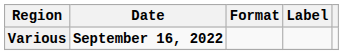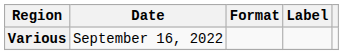 <table class="wikitable plainrowheaders">
 <tr>
 <th scope="col">Region</th>
 <th scope="col">Date</th>
 <th scope="col">Format</th>
 <th scope="col">Label</th>
 <th scope="col"></th>
 </tr>
 <tr>
 <th scope="row">Various</th>
-<td><strong>September 16, 2022</strong></td>
+<td>September 16, 2022</td>
 <td></td>
 <td></td>
 <td style="text-align:center"></td>
 </tr>
 <tr>
 </tr>
 </table>
